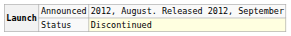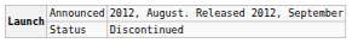 <table class="wikitable">
 <tr>
 <th rowspan="2">Launch</th>
 <td>Announced</td>
 <td>2012, August. Released 2012, September</td>
 </tr>
 <tr>
 <td>Status</td>
-<td style="background: lightyellow;">Discontinued</td>
+<td>Discontinued</td>
 </tr>
 </table>
